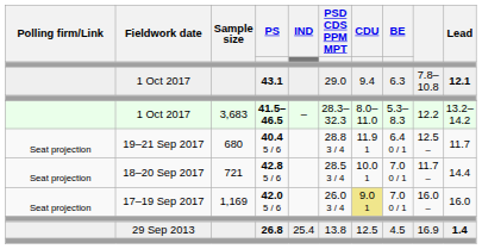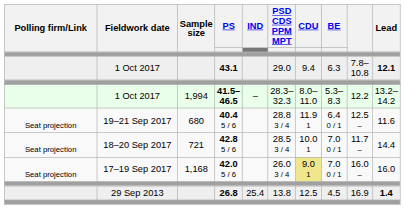 <table class="wikitable collapsible sortable" style="text-align:center; font-size:95%; line-height:16px;">
 <tr style="height:42px;">
 <th style="width:145px;" rowspan="2">Polling firm/Link</th>
 <th style="width:125px;" rowspan="2">Fieldwork date</th>
 <th class="unsortable" style="width:50px;" rowspan="2">Sample size</th>
 <th class="unsortable" style="width:35px;"><a href='#'>PS</a></th>
 <th class="unsortable" style="width:35px;"><a href='#'>IND</a></th>
 <th class="unsortable" style="width:35px;"><a href='#'>PSD</a><br><a href='#'>CDS</a><br><a href='#'>PPM</a><br><a href='#'>MPT</a></th>
 <th class="unsortable" style="width:35px;"><a href='#'>CDU</a></th>
 <th class="unsortable" style="width:35px;"><a href='#'>BE</a></th>
 <th class="unsortable" style="width:35px;" rowspan="2"></th>
 <th class="unsortable" style="width:30px;" rowspan="2">Lead</th>
 </tr>
 <tr>
 <th class="unsortable" style="color:inherit;background:"></th>
 <th class="unsortable" style="color:inherit;background:#777777;"></th>
 <th class="unsortable" style="color:inherit;background:"></th>
 <th class="unsortable" style="color:inherit;background:"></th>
 <th class="unsortable" style="color:inherit;background:"></th>
 </tr>
 <tr>
 <td colspan="12" style="background:#A0A0A0"></td>
 </tr>
 <tr style="background:#EFEFEF;">
 <td><strong></strong></td>
 <td data-sort-value="2019-10-06">1 Oct 2017</td>
 <td></td>
 <td><strong>43.1</strong><br></td>
 <td></td>
 <td>29.0<br></td>
 <td>9.4<br></td>
 <td>6.3<br></td>
 <td>7.8–<br>10.8<br></td>
 <td style="background:"><strong>12.1</strong></td>
 </tr>
 <tr>
 <td colspan="12" style="background:#A0A0A0"></td>
 </tr>
 <tr>
 </tr>
 <tr style="background:#EAFFEA"|>
 <td></td>
 <td data-sort-value="2019-10-06">1 Oct 2017</td>
-<td>3,683</td>
+<td>1,994</td>
 <td><strong>41.5–<br>46.5</strong><br></td>
 <td>–</td>
 <td>28.3–<br>32.3<br></td>
 <td>8.0–<br>11.0<br></td>
 <td>5.3–<br>8.3<br></td>
 <td>12.2<br></td>
 <td style="background:">13.2–<br>14.2</td>
 </tr>
 <tr>
 <td align="center"><br><small>Seat projection</small></td>
 <td align="center">19–21 Sep 2017</td>
 <td>680</td>
 <td align="center" ><strong>40.4</strong><br><small>5 / 6</small></td>
 <td></td>
 <td align="center">28.8<br><small>3 / 4</small></td>
 <td align="center">11.9<br><small>1</small></td>
 <td align="center">6.4<br><small>0 / 1</small></td>
 <td align="center">12.5<br><small>–</small></td>
-<td style="background:">11.7</td>
+<td style="background:">11.6</td>
 </tr>
 <tr>
 <td align="center"><br><small>Seat projection</small></td>
 <td align="center">18–20 Sep 2017</td>
 <td>721</td>
 <td align="center" ><strong>42.8</strong><br><small>5 / 6</small></td>
 <td></td>
 <td align="center">28.5<br><small>3 / 4</small></td>
 <td align="center">10.0<br><small>1</small></td>
 <td align="center">7.0<br><small>0 / 1</small></td>
 <td align="center">11.7<br><small>–</small></td>
 <td style="background:">14.4</td>
 </tr>
 <tr>
 <td align="center"><br><small>Seat projection</small></td>
 <td align="center">17–19 Sep 2017</td>
-<td>1,169</td>
+<td>1,168</td>
 <td align="center" ><strong>42.0</strong><br><small>5 / 6</small></td>
 <td></td>
 <td align="center">26.0<br><small>3 / 4</small></td>
 <td align="center" style="background: khaki;">9.0<br><small>1</small></td>
 <td align="center">7.0<br><small>0 / 1</small></td>
 <td align="center">16.0<br><small>–</small></td>
 <td style="background:">16.0</td>
 </tr>
 <tr>
 <td colspan="12" style="background:#A0A0A0"></td>
 </tr>
 <tr style="background:#EFEFEF;">
 <td><strong></strong></td>
 <td data-sort-value="2019-10-06">29 Sep 2013</td>
 <td></td>
 <td><strong>26.8</strong><br></td>
 <td>25.4<br></td>
 <td>13.8<br></td>
 <td>12.5<br></td>
 <td>4.5<br></td>
 <td>16.9<br></td>
 <td style="background:"><strong>1.4</strong></td>
 </tr>
 <tr>
 <td colspan="12" style="background:#A0A0A0"></td>
 </tr>
 </table>
